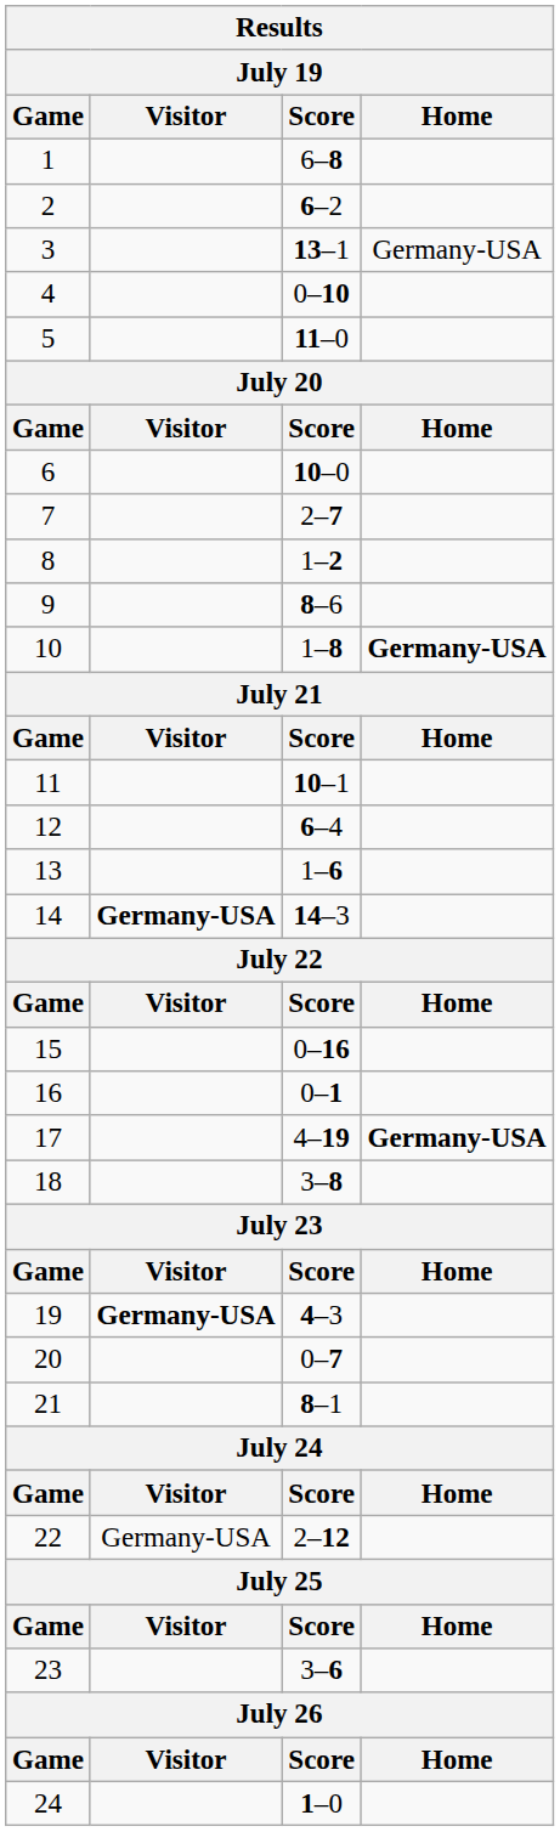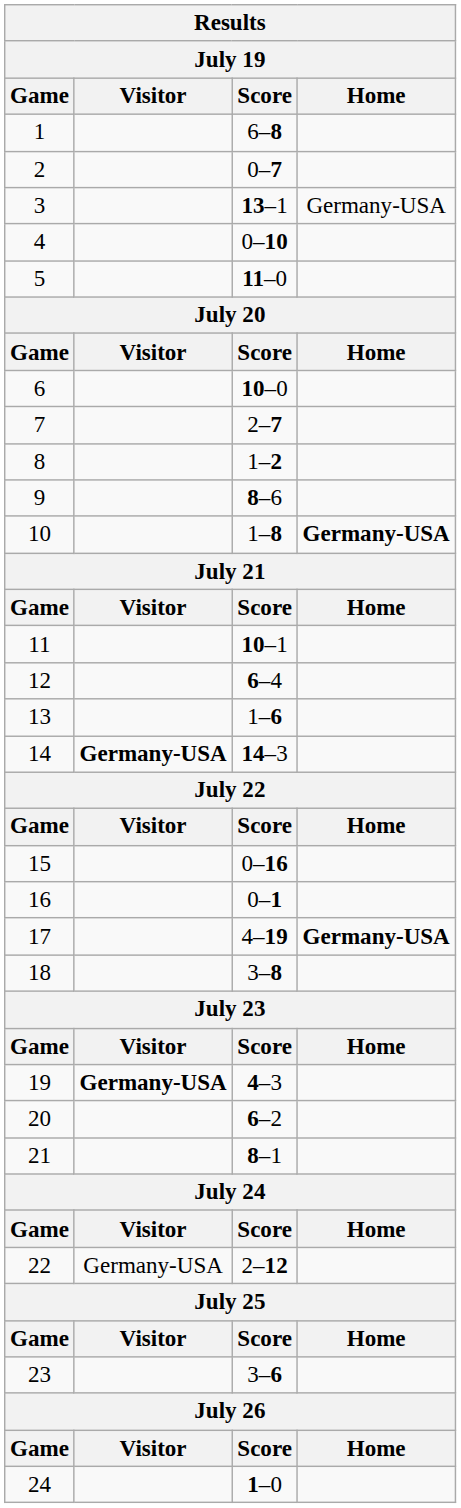 <table class="wikitable">
 <tr>
 <th colspan="4">Results</th>
 </tr>
 <tr>
 <th colspan="4">July 19</th>
 </tr>
 <tr>
 <th>Game</th>
 <th>Visitor</th>
 <th>Score</th>
 <th>Home</th>
 </tr>
 <tr>
 <td align=center>1</td>
 <td align=center> </td>
 <td align=center>6–<strong>8</strong></td>
 <td align=center><strong></strong> </td>
 </tr>
 <tr>
 <td align=center>2</td>
 <td align=center> </td>
-<td align=center><strong>6</strong>–2</td>
+<td align=center>0–<strong>7</strong></td>
 <td align=center><strong></strong> </td>
 </tr>
 <tr>
 <td align=center>3</td>
 <td align=center><strong></strong> </td>
 <td align=center><strong>13</strong>–1</td>
 <td align=center> Germany-USA </td>
 </tr>
 <tr>
 <td align=center>4</td>
 <td align=center> </td>
 <td align=center>0–<strong>10</strong></td>
 <td align=center><strong></strong> </td>
 </tr>
 <tr>
 <td align=center>5</td>
 <td align=center><strong></strong> </td>
 <td align=center><strong>11</strong>–0</td>
 <td align=center> </td>
 </tr>
 <tr>
 <th colspan="4">July 20</th>
 </tr>
 <tr>
 <th>Game</th>
 <th>Visitor</th>
 <th>Score</th>
 <th>Home</th>
 </tr>
 <tr>
 <td align=center>6</td>
 <td align=center><strong></strong> </td>
 <td align=center><strong>10</strong>–0</td>
 <td align=center> </td>
 </tr>
 <tr>
 <td align=center>7</td>
 <td align=center> </td>
 <td align=center>2–<strong>7</strong></td>
 <td align=center><strong></strong> </td>
 </tr>
 <tr>
 <td align=center>8</td>
 <td align=center> </td>
 <td align=center>1–<strong>2</strong></td>
 <td align=center><strong></strong> </td>
 </tr>
 <tr>
 <td align=center>9</td>
 <td align=center> </td>
 <td align=center><strong>8</strong>–6</td>
 <td align=center><strong></strong>  </td>
 </tr>
 <tr>
 <td align=center>10</td>
 <td align=center> </td>
 <td align=center>1–<strong>8</strong></td>
 <td align=center> <strong>Germany-USA</strong> </td>
 </tr>
 <tr>
 <th colspan="4">July 21</th>
 </tr>
 <tr>
 <th>Game</th>
 <th>Visitor</th>
 <th>Score</th>
 <th>Home</th>
 </tr>
 <tr>
 <td align=center>11</td>
 <td align=center><strong></strong> </td>
 <td align=center><strong>10</strong>–1</td>
 <td align=center> </td>
 </tr>
 <tr>
 <td align=center>12</td>
 <td align=center><strong></strong> </td>
 <td align=center><strong>6</strong>–4</td>
 <td align=center> </td>
 </tr>
 <tr>
 <td align=center>13</td>
 <td align=center> </td>
 <td align=center>1–<strong>6</strong></td>
 <td align=center><strong></strong> </td>
 </tr>
 <tr>
 <td align=center>14</td>
 <td align=center> <strong>Germany-USA</strong> </td>
 <td align=center><strong>14</strong>–3</td>
 <td align=center> </td>
 </tr>
 <tr>
 <th colspan="4">July 22</th>
 </tr>
 <tr>
 <th>Game</th>
 <th>Visitor</th>
 <th>Score</th>
 <th>Home</th>
 </tr>
 <tr>
 <td align=center>15</td>
 <td align=center><strong></strong> </td>
 <td align=center>0–<strong>16</strong></td>
 <td align=center> </td>
 </tr>
 <tr>
 <td align=center>16</td>
 <td align=center> </td>
 <td align=center>0–<strong>1</strong></td>
 <td align=center><strong></strong>  </td>
 </tr>
 <tr>
 <td align=center>17</td>
 <td align=center> </td>
 <td align=center>4–<strong>19</strong></td>
 <td align=center> <strong>Germany-USA</strong> </td>
 </tr>
 <tr>
 <td align=center>18</td>
 <td align=center> </td>
 <td align=center>3–<strong>8</strong></td>
 <td align=center><strong></strong> </td>
 </tr>
 <tr>
 <th colspan="4">July 23</th>
 </tr>
 <tr>
 <th>Game</th>
 <th>Visitor</th>
 <th>Score</th>
 <th>Home</th>
 </tr>
 <tr>
 <td align=center>19</td>
 <td align=center> <strong>Germany-USA</strong> </td>
 <td align=center><strong>4</strong>–3</td>
 <td align=center> </td>
 </tr>
 <tr>
 <td align=center>20</td>
 <td align=center><strong></strong> </td>
-<td align=center>0–<strong>7</strong></td>
+<td align=center><strong>6</strong>–2</td>
 <td align=center> </td>
 </tr>
 <tr>
 <td align=center>21</td>
 <td align=center><strong></strong> </td>
 <td align=center><strong>8</strong>–1</td>
 <td align=center>  </td>
 </tr>
 <tr>
 <th colspan="4">July 24</th>
 </tr>
 <tr>
 <th>Game</th>
 <th>Visitor</th>
 <th>Score</th>
 <th>Home</th>
 </tr>
 <tr>
 <td align=center>22</td>
 <td align=center> Germany-USA </td>
 <td align=center>2–<strong>12</strong></td>
 <td align=center><strong></strong> </td>
 </tr>
 <tr>
 <th colspan="4">July 25</th>
 </tr>
 <tr>
 <th>Game</th>
 <th>Visitor</th>
 <th>Score</th>
 <th>Home</th>
 </tr>
 <tr>
 <td align=center>23</td>
 <td align=center> </td>
 <td align=center>3–<strong>6</strong></td>
 <td align=center><strong></strong>  </td>
 </tr>
 <tr>
 <th colspan="4">July 26</th>
 </tr>
 <tr>
 <th>Game</th>
 <th>Visitor</th>
 <th>Score</th>
 <th>Home</th>
 </tr>
 <tr>
 <td align=center>24</td>
 <td align=center><strong></strong> </td>
 <td align=center><strong>1</strong>–0</td>
 <td align=center> </td>
 </tr>
 </table>
